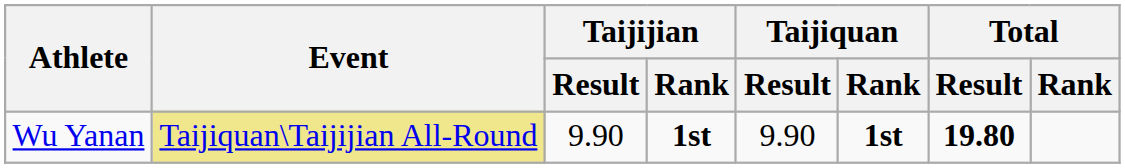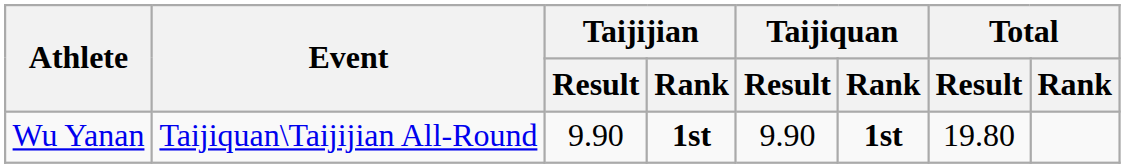 <table class=wikitable style="font-size:90%">
 <tr>
 <th rowspan="2">Athlete</th>
 <th rowspan="2">Event</th>
 <th colspan="2">Taijijian</th>
 <th colspan="2">Taijiquan</th>
 <th colspan="2">Total</th>
 </tr>
 <tr>
 <th>Result</th>
 <th>Rank</th>
 <th>Result</th>
 <th>Rank</th>
 <th>Result</th>
 <th>Rank</th>
 </tr>
 <tr>
 <td><a href='#'>Wu Yanan</a></td>
-<td style="background: khaki;"><a href='#'>Taijiquan\Taijijian All-Round</a></td>
+<td><a href='#'>Taijiquan\Taijijian All-Round</a></td>
 <td align=center>9.90</td>
 <td align=center><strong>1st</strong></td>
 <td align=center>9.90</td>
 <td align=center><strong>1st</strong></td>
-<td align=center><strong>19.80</strong></td>
+<td align=center>19.80</td>
 <td align=center></td>
 </tr>
 </table>
